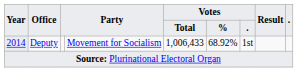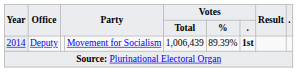 <table class="wikitable" style="font-size:90%; text-align:center;">
 <tr>
 <th style="background-color:#EAECF0;" rowspan=2>Year</th>
 <th style="background-color:#EAECF0;" rowspan=2>Office</th>
 <th style="background-color:#EAECF0;" colspan=2 rowspan=2>Party</th>
 <th style="background-color:#EAECF0;" colspan=3>Votes</th>
 <th style="background-color:#EAECF0;" rowspan=2>Result</th>
 <th style="background-color:#EAECF0;" rowspan=2>.</th>
 </tr>
 <tr>
 <th style="background-color:#EAECF0;">Total</th>
 <th style="background-color:#EAECF0;">%</th>
 <th style="background-color:#EAECF0;">.</th>
 </tr>
 <tr>
 <td style="background-color:#EAECF0;"><a href='#'>2014</a></td>
 <td><a href='#'>Deputy</a></td>
 <td style="background-color:"></td>
 <td><a href='#'>Movement for Socialism</a></td>
-<td>1,006,433</td>
-<td>68.92%</td>
-<td>1st</td>
+<td>1,006,439</td>
+<td>89.39%</td>
+<td><strong>1st</strong></td>
 <td></td>
 <td></td>
 </tr>
 <tr>
 <td style="background-color:#EAECF0;" colspan=9><strong>Source:</strong> <a href='#'>Plurinational Electoral Organ</a>  </td>
 </tr>
 </table>
